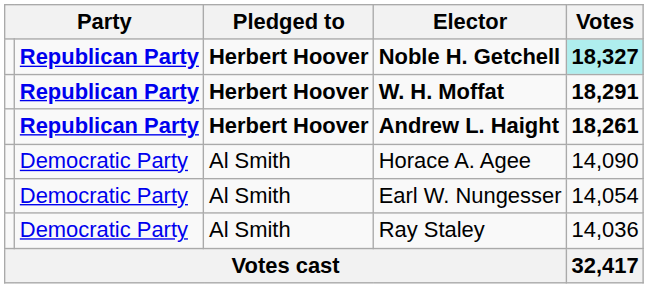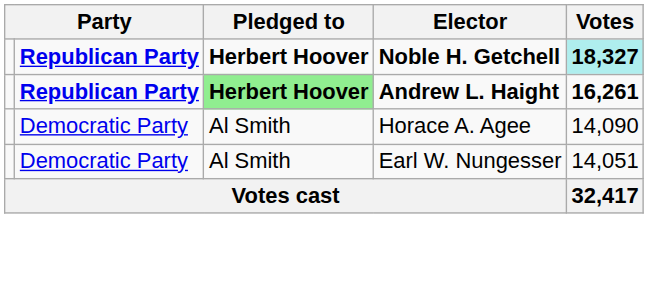 <table class="wikitable">
 <tr>
 <th colspan=2>Party</th>
 <th>Pledged to</th>
 <th>Elector</th>
 <th>Votes</th>
 </tr>
 <tr style="font-weight:bold">
 <td></td>
 <td><a href='#'>Republican Party</a></td>
 <td>Herbert Hoover</td>
 <td>Noble H. Getchell</td>
 <td align="right" style="background: paleturquoise;">18,327</td>
 </tr>
 <tr style="font-weight:bold">
 <td></td>
 <td><a href='#'>Republican Party</a></td>
-<td>Herbert Hoover</td>
-<td>W. H. Moffat</td>
-<td align="right">18,291</td>
-</tr>
-<tr style="font-weight:bold">
-<td></td>
-<td><a href='#'>Republican Party</a></td>
-<td>Herbert Hoover</td>
+<td style="background: lightgreen;">Herbert Hoover</td>
 <td>Andrew L. Haight</td>
-<td align="right">18,261</td>
+<td align="right">16,261</td>
 </tr>
 <tr>
 <td></td>
 <td><a href='#'>Democratic Party</a></td>
 <td>Al Smith</td>
 <td>Horace A. Agee</td>
 <td align="right">14,090</td>
 </tr>
 <tr>
 <td></td>
 <td><a href='#'>Democratic Party</a></td>
 <td>Al Smith</td>
 <td>Earl W. Nungesser</td>
-<td align="right">14,054</td>
-</tr>
-<tr>
-<td></td>
-<td><a href='#'>Democratic Party</a></td>
-<td>Al Smith</td>
-<td>Ray Staley</td>
-<td align="right">14,036</td>
+<td align="right">14,051</td>
 </tr>
 <tr>
 <th colspan="4">Votes cast</th>
 <th>32,417</th>
 </tr>
 </table>
